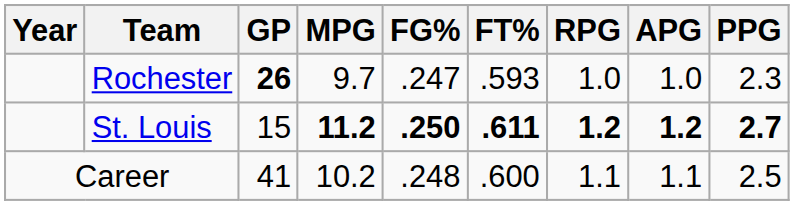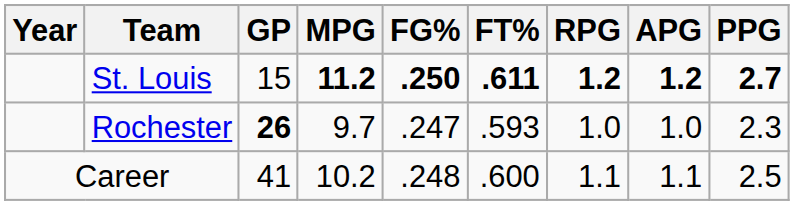 <table class="wikitable sortable" style="font-size:95%; text-align:right;">
 <tr>
 <th>Year</th>
 <th>Team</th>
 <th>GP</th>
 <th>MPG</th>
 <th>FG%</th>
 <th>FT%</th>
 <th>RPG</th>
 <th>APG</th>
 <th>PPG</th>
 </tr>
 <tr>
 <td style="text-align:left;"></td>
+<td style="text-align:left;"><a href='#'>St. Louis</a></td>
+<td>15</td>
+<td><strong>11.2</strong></td>
+<td><strong>.250</strong></td>
+<td><strong>.611</strong></td>
+<td><strong>1.2</strong></td>
+<td><strong>1.2</strong></td>
+<td><strong>2.7</strong></td>
+</tr>
+<tr>
+<td style="text-align:left;"></td>
 <td style="text-align:left;"><a href='#'>Rochester</a></td>
 <td><strong>26</strong></td>
 <td>9.7</td>
 <td>.247</td>
 <td>.593</td>
 <td>1.0</td>
 <td>1.0</td>
 <td>2.3</td>
-</tr>
-<tr>
-<td style="text-align:left;"></td>
-<td style="text-align:left;"><a href='#'>St. Louis</a></td>
-<td>15</td>
-<td><strong>11.2</strong></td>
-<td><strong>.250</strong></td>
-<td><strong>.611</strong></td>
-<td><strong>1.2</strong></td>
-<td><strong>1.2</strong></td>
-<td><strong>2.7</strong></td>
 </tr>
 <tr>
 <td colspan="2" style="text-align:center;">Career</td>
 <td>41</td>
 <td>10.2</td>
 <td>.248</td>
 <td>.600</td>
 <td>1.1</td>
 <td>1.1</td>
 <td>2.5</td>
 </tr>
 </table>
